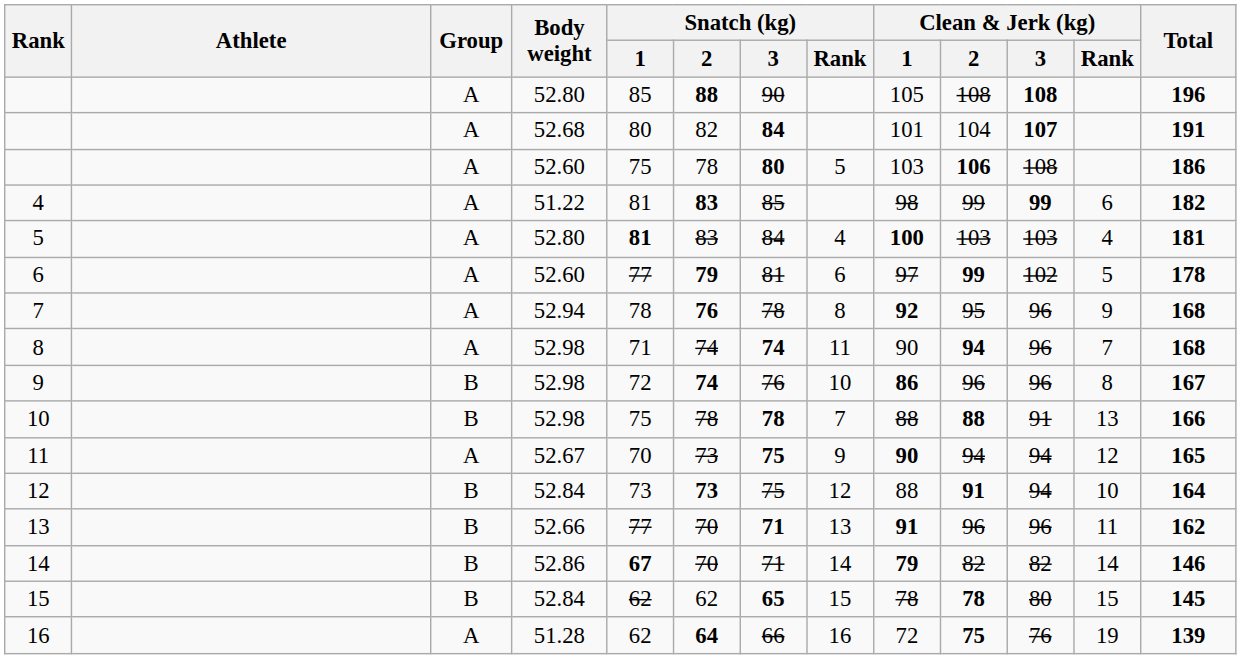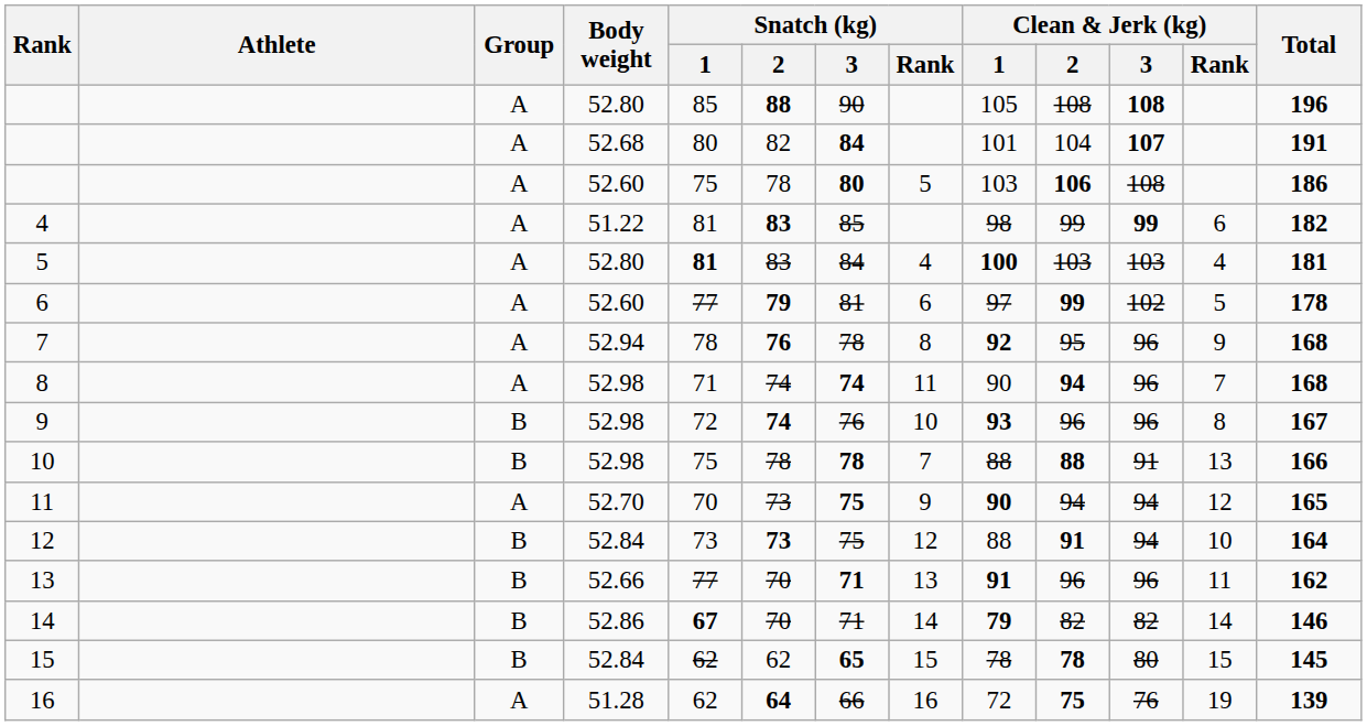 <table class = "wikitable" style="text-align:center;">
 <tr>
 <th rowspan=2 width=40>Rank</th>
 <th rowspan=2 width=250>Athlete</th>
 <th rowspan=2 width=50>Group</th>
 <th rowspan=2 width=60>Body weight</th>
 <th colspan=4>Snatch (kg)</th>
 <th colspan=4>Clean & Jerk (kg)</th>
 <th rowspan=2 width=60>Total</th>
 </tr>
 <tr>
 <th width=40>1</th>
 <th width=40>2</th>
 <th width=40>3</th>
 <th width=40>Rank</th>
 <th width=40>1</th>
 <th width=40>2</th>
 <th width=40>3</th>
 <th width=40>Rank</th>
 </tr>
 <tr>
 <td></td>
 <td align=left></td>
 <td>A</td>
 <td>52.80</td>
 <td>85</td>
 <td><strong>88</strong></td>
 <td><s>90</s></td>
 <td></td>
 <td>105</td>
 <td><s>108</s></td>
 <td><strong>108</strong></td>
 <td></td>
 <td><strong>196</strong></td>
 </tr>
 <tr>
 <td></td>
 <td align=left></td>
 <td>A</td>
 <td>52.68</td>
 <td>80</td>
 <td>82</td>
 <td><strong>84</strong></td>
 <td></td>
 <td>101</td>
 <td>104</td>
 <td><strong>107</strong></td>
 <td></td>
 <td><strong>191</strong></td>
 </tr>
 <tr>
 <td></td>
 <td align=left></td>
 <td>A</td>
 <td>52.60</td>
 <td>75</td>
 <td>78</td>
 <td><strong>80</strong></td>
 <td>5</td>
 <td>103</td>
 <td><strong>106</strong></td>
 <td><s>108</s></td>
 <td></td>
 <td><strong>186</strong></td>
 </tr>
 <tr>
 <td>4</td>
 <td align=left></td>
 <td>A</td>
 <td>51.22</td>
 <td>81</td>
 <td><strong>83</strong></td>
 <td><s>85</s></td>
 <td></td>
 <td><s>98</s></td>
 <td><s>99</s></td>
 <td><strong>99</strong></td>
 <td>6</td>
 <td><strong>182</strong></td>
 </tr>
 <tr>
 <td>5</td>
 <td align=left></td>
 <td>A</td>
 <td>52.80</td>
 <td><strong>81</strong></td>
 <td><s>83</s></td>
 <td><s>84</s></td>
 <td>4</td>
 <td><strong>100</strong></td>
 <td><s>103</s></td>
 <td><s>103</s></td>
 <td>4</td>
 <td><strong>181</strong></td>
 </tr>
 <tr>
 <td>6</td>
 <td align=left></td>
 <td>A</td>
 <td>52.60</td>
 <td><s>77</s></td>
 <td><strong>79</strong></td>
 <td><s>81</s></td>
 <td>6</td>
 <td><s>97</s></td>
 <td><strong>99</strong></td>
 <td><s>102</s></td>
 <td>5</td>
 <td><strong>178</strong></td>
 </tr>
 <tr>
 <td>7</td>
 <td align=left></td>
 <td>A</td>
 <td>52.94</td>
 <td>78</td>
 <td><strong>76</strong></td>
 <td><s>78</s></td>
 <td>8</td>
 <td><strong>92</strong></td>
 <td><s>95</s></td>
 <td><s>96</s></td>
 <td>9</td>
 <td><strong>168</strong></td>
 </tr>
 <tr>
 <td>8</td>
 <td align=left></td>
 <td>A</td>
 <td>52.98</td>
 <td>71</td>
 <td><s>74</s></td>
 <td><strong>74</strong></td>
 <td>11</td>
 <td>90</td>
 <td><strong>94</strong></td>
 <td><s>96</s></td>
 <td>7</td>
 <td><strong>168</strong></td>
 </tr>
 <tr>
 <td>9</td>
 <td align=left></td>
 <td>B</td>
 <td>52.98</td>
 <td>72</td>
 <td><strong>74</strong></td>
 <td><s>76</s></td>
 <td>10</td>
-<td><strong>86</strong></td>
+<td><strong>93</strong></td>
 <td><s>96</s></td>
 <td><s>96</s></td>
 <td>8</td>
 <td><strong>167</strong></td>
 </tr>
 <tr>
 <td>10</td>
 <td align=left></td>
 <td>B</td>
 <td>52.98</td>
 <td>75</td>
 <td><s>78</s></td>
 <td><strong>78</strong></td>
 <td>7</td>
 <td><s>88</s></td>
 <td><strong>88</strong></td>
 <td><s>91</s></td>
 <td>13</td>
 <td><strong>166</strong></td>
 </tr>
 <tr>
 <td>11</td>
 <td align=left></td>
 <td>A</td>
-<td>52.67</td>
+<td>52.70</td>
 <td>70</td>
 <td><s>73</s></td>
 <td><strong>75</strong></td>
 <td>9</td>
 <td><strong>90</strong></td>
 <td><s>94</s></td>
 <td><s>94</s></td>
 <td>12</td>
 <td><strong>165</strong></td>
 </tr>
 <tr>
 <td>12</td>
 <td align=left></td>
 <td>B</td>
 <td>52.84</td>
 <td>73</td>
 <td><strong>73</strong></td>
 <td><s>75</s></td>
 <td>12</td>
 <td>88</td>
 <td><strong>91</strong></td>
 <td><s>94</s></td>
 <td>10</td>
 <td><strong>164</strong></td>
 </tr>
 <tr>
 <td>13</td>
 <td align=left></td>
 <td>B</td>
 <td>52.66</td>
 <td><s>77</s></td>
 <td><s>70</s></td>
 <td><strong>71</strong></td>
 <td>13</td>
 <td><strong>91</strong></td>
 <td><s>96</s></td>
 <td><s>96</s></td>
 <td>11</td>
 <td><strong>162</strong></td>
 </tr>
 <tr>
 <td>14</td>
 <td align=left></td>
 <td>B</td>
 <td>52.86</td>
 <td><strong>67</strong></td>
 <td><s>70</s></td>
 <td><s>71</s></td>
 <td>14</td>
 <td><strong>79</strong></td>
 <td><s>82</s></td>
 <td><s>82</s></td>
 <td>14</td>
 <td><strong>146</strong></td>
 </tr>
 <tr>
 <td>15</td>
 <td align=left></td>
 <td>B</td>
 <td>52.84</td>
 <td><s>62</s></td>
 <td>62</td>
 <td><strong>65</strong></td>
 <td>15</td>
 <td><s>78</s></td>
 <td><strong>78</strong></td>
 <td><s>80</s></td>
 <td>15</td>
 <td><strong>145</strong></td>
 </tr>
 <tr>
 <td>16</td>
 <td align=left></td>
 <td>A</td>
 <td>51.28</td>
 <td>62</td>
 <td><strong>64</strong></td>
 <td><s>66</s></td>
 <td>16</td>
 <td>72</td>
 <td><strong>75</strong></td>
 <td><s>76</s></td>
 <td>19</td>
 <td><strong>139</strong></td>
 </tr>
 </table>
